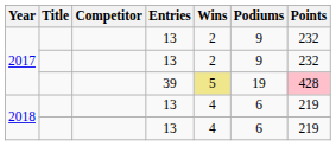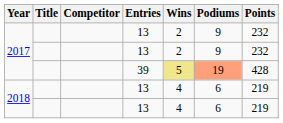 <table class="wikitable" style="font-size: 85%;">
 <tr>
 <th>Year</th>
 <th>Title</th>
 <th>Competitor</th>
 <th>Entries</th>
 <th>Wins</th>
 <th>Podiums</th>
 <th>Points</th>
 </tr>
 <tr>
 <td rowspan="3"><a href='#'>2017</a></td>
 <td></td>
 <td></td>
 <td style="text-align:center;">13</td>
 <td style="text-align:center;">2</td>
 <td style="text-align:center;">9</td>
 <td style="text-align:center;">232</td>
 </tr>
 <tr>
 <td></td>
 <td></td>
 <td style="text-align:center;">13</td>
 <td style="text-align:center;">2</td>
 <td style="text-align:center;">9</td>
 <td style="text-align:center;">232</td>
 </tr>
 <tr>
 <td></td>
 <td></td>
 <td style="text-align:center;">39</td>
 <td style="background: khaki; text-align:center;">5</td>
-<td style="text-align:center;">19</td>
-<td style="background: pink; text-align:center;">428</td>
+<td style="background: lightsalmon; text-align:center;">19</td>
+<td style="text-align:center;">428</td>
 </tr>
 <tr>
 <td rowspan="2"><a href='#'>2018</a></td>
 <td></td>
 <td></td>
 <td style="text-align:center;">13</td>
 <td style="text-align:center;">4</td>
 <td style="text-align:center;">6</td>
 <td style="text-align:center;">219</td>
 </tr>
 <tr>
 <td></td>
 <td></td>
 <td style="text-align:center;">13</td>
 <td style="text-align:center;">4</td>
 <td style="text-align:center;">6</td>
 <td style="text-align:center;">219</td>
 </tr>
 </table>
